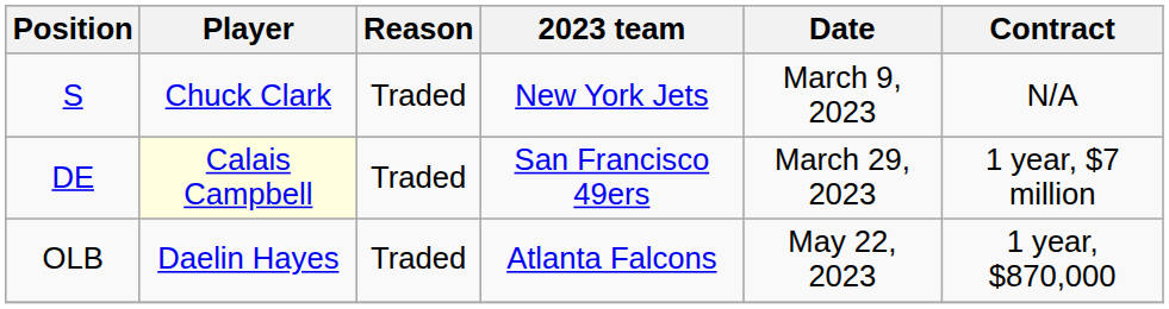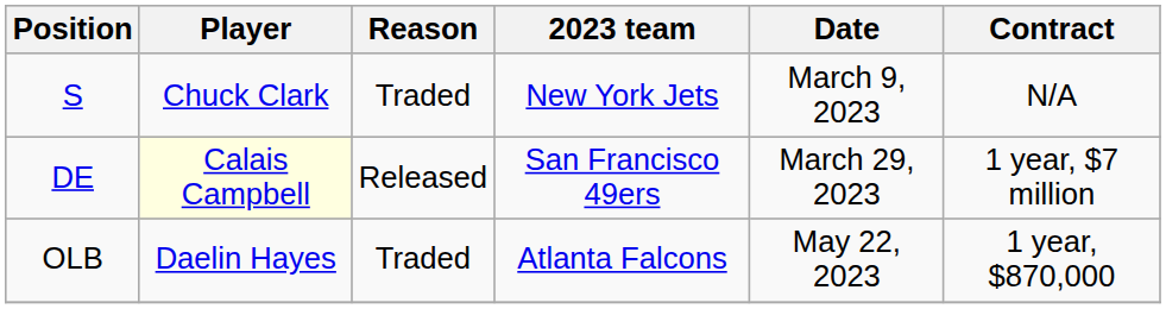 <table class="wikitable" style="text-align:center">
 <tr>
 <th>Position</th>
 <th>Player</th>
 <th>Reason</th>
 <th>2023 team</th>
 <th>Date</th>
 <th>Contract</th>
 </tr>
 <tr>
 <td><a href='#'>S</a></td>
 <td><a href='#'>Chuck Clark</a></td>
 <td>Traded</td>
 <td><a href='#'>New York Jets</a></td>
 <td>March 9, 2023</td>
 <td>N/A</td>
 </tr>
 <tr>
 <td><a href='#'>DE</a></td>
 <td style="background: lightyellow;"><a href='#'>Calais Campbell</a></td>
-<td>Traded</td>
+<td>Released</td>
 <td><a href='#'>San Francisco 49ers</a></td>
 <td>March 29, 2023</td>
 <td>1 year, $7 million</td>
 </tr>
 <tr>
 <td>OLB</td>
 <td><a href='#'>Daelin Hayes</a></td>
 <td>Traded</td>
 <td><a href='#'>Atlanta Falcons</a></td>
 <td>May 22, 2023</td>
 <td>1 year, $870,000</td>
 </tr>
 <tr>
 </tr>
 </table>
